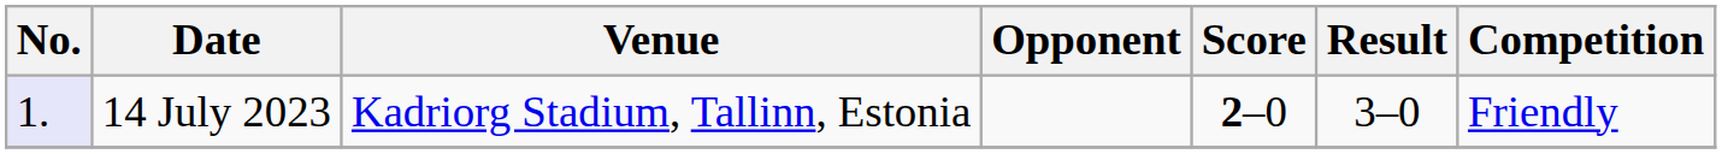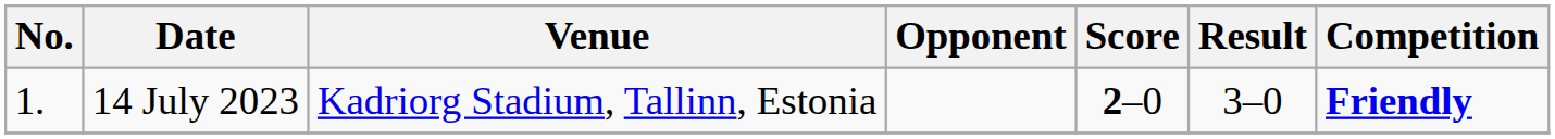 <table class="wikitable">
 <tr>
 <th>No.</th>
 <th>Date</th>
 <th>Venue</th>
 <th>Opponent</th>
 <th>Score</th>
 <th>Result</th>
 <th>Competition</th>
 </tr>
 <tr>
-<td style="background: lavender;">1.</td>
+<td>1.</td>
 <td>14 July 2023</td>
 <td><a href='#'>Kadriorg Stadium</a>, <a href='#'>Tallinn</a>, Estonia</td>
 <td></td>
 <td align=center><strong>2</strong>–0</td>
 <td align=center>3–0</td>
-<td><a href='#'>Friendly</a></td>
+<td><strong><a href='#'>Friendly</a></strong></td>
 </tr>
 <tr>
 </tr>
 </table>
